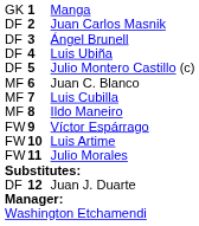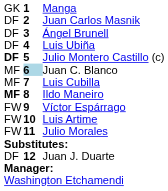 <table style="font-size:90%" cellspacing="0" cellpadding="0" align=center>
 <tr>
 <td colspan="4"></td>
 </tr>
 <tr>
 <th width=25></th>
 <th width=25></th>
 </tr>
 <tr>
 <td>GK</td>
 <td><strong>1</strong></td>
 <td> <a href='#'>Manga</a></td>
 </tr>
 <tr>
 <td>DF</td>
 <td><strong>2</strong></td>
 <td> <a href='#'>Juan Carlos Masnik</a></td>
 </tr>
 <tr>
 <td>DF</td>
 <td><strong>3</strong></td>
 <td> <a href='#'>Ángel Brunell</a></td>
 </tr>
 <tr>
 <td>DF</td>
 <td><strong>4</strong></td>
 <td> <a href='#'>Luis Ubiña</a></td>
 </tr>
 <tr>
-<td>DF</td>
+<td><strong>DF</strong></td>
 <td><strong>5</strong></td>
 <td> <a href='#'>Julio Montero Castillo</a> (c)</td>
 </tr>
 <tr>
 <td>MF</td>
-<td><strong>6</strong></td>
+<td style="background: lightblue;"><strong>6</strong></td>
 <td> Juan C. Blanco</td>
 </tr>
 <tr>
 <td>MF</td>
 <td><strong>7</strong></td>
 <td> <a href='#'>Luis Cubilla</a></td>
 </tr>
 <tr>
-<td>MF</td>
+<td><strong>MF</strong></td>
 <td><strong>8</strong></td>
 <td> <a href='#'>Ildo Maneiro</a></td>
 </tr>
 <tr>
 <td>FW</td>
 <td><strong>9</strong></td>
 <td> <a href='#'>Víctor Espárrago</a></td>
 <td></td>
 <td></td>
 </tr>
 <tr>
 <td>FW</td>
 <td><strong>10</strong></td>
 <td> <a href='#'>Luis Artime</a></td>
 </tr>
 <tr>
 <td>FW</td>
 <td><strong>11</strong></td>
 <td> <a href='#'>Julio Morales</a></td>
 <td></td>
 </tr>
 <tr>
 <td colspan=3><strong>Substitutes:</strong></td>
 </tr>
 <tr>
 <td>DF</td>
 <td><strong>12</strong></td>
 <td> Juan J. Duarte</td>
 <td></td>
 <td></td>
 </tr>
 <tr>
 <td colspan=3><strong>Manager:</strong></td>
 </tr>
 <tr>
 <td colspan=4> <a href='#'>Washington Etchamendi</a></td>
 </tr>
 </table>
